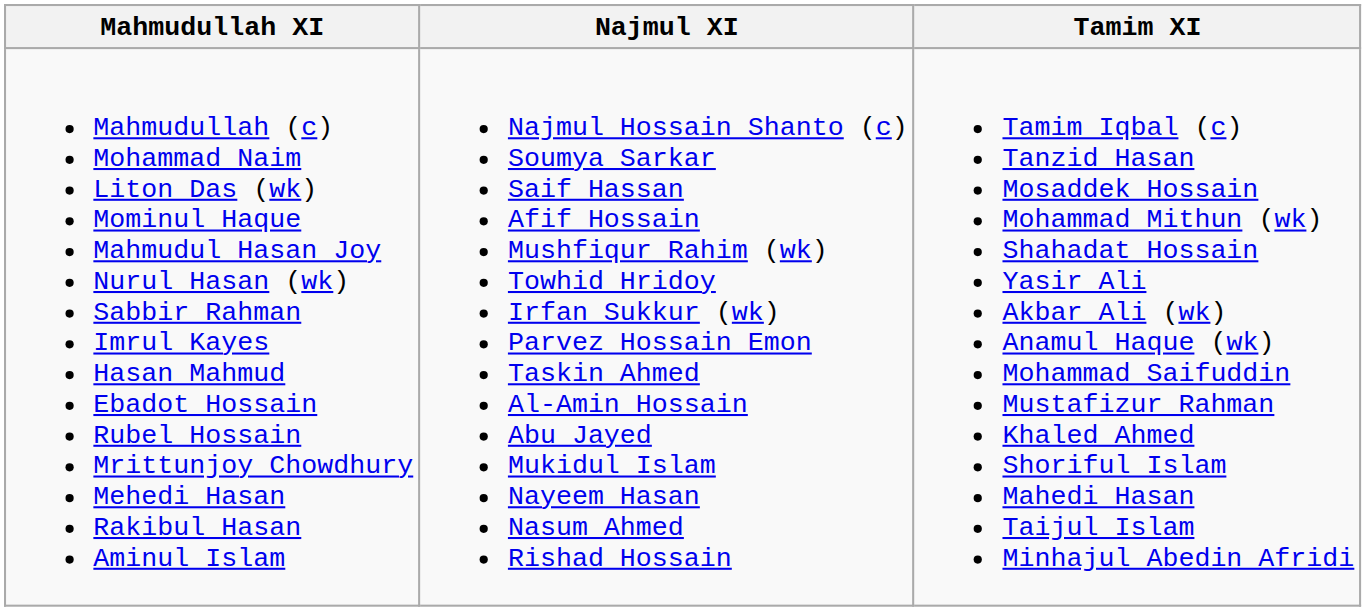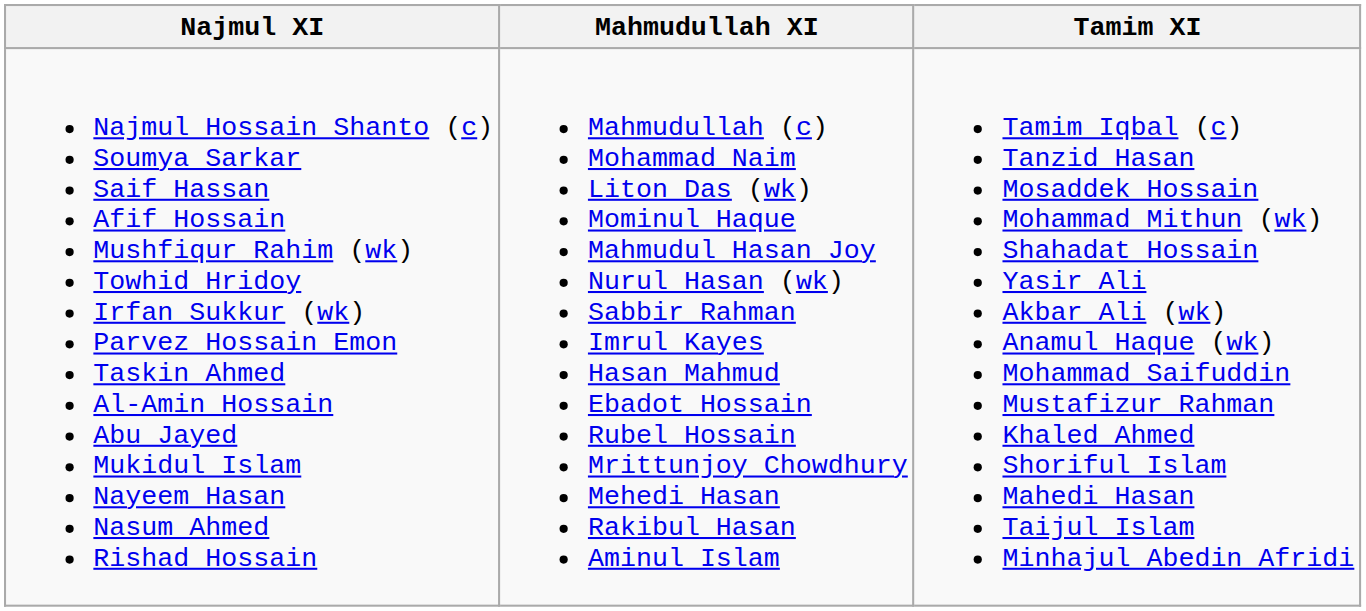 <table class="wikitable">
 <tr>
+<th>Najmul XI</th>
 <th>Mahmudullah XI</th>
-<th>Najmul XI</th>
 <th>Tamim XI</th>
 </tr>
 <tr style="vertical-align:top">
+<td><br><ul><li><a href='#'>Najmul Hossain Shanto</a> (<a href='#'>c</a>)</li><li><a href='#'>Soumya Sarkar</a></li><li><a href='#'>Saif Hassan</a></li><li><a href='#'>Afif Hossain</a></li><li><a href='#'>Mushfiqur Rahim</a> (<a href='#'>wk</a>)</li><li><a href='#'>Towhid Hridoy</a></li><li><a href='#'>Irfan Sukkur</a> (<a href='#'>wk</a>)</li><li><a href='#'>Parvez Hossain Emon</a></li><li><a href='#'>Taskin Ahmed</a></li><li><a href='#'>Al-Amin Hossain</a></li><li><a href='#'>Abu Jayed</a></li><li><a href='#'>Mukidul Islam</a></li><li><a href='#'>Nayeem Hasan</a></li><li><a href='#'>Nasum Ahmed</a></li><li><a href='#'>Rishad Hossain</a></li></ul></td>
 <td><br><ul><li><a href='#'>Mahmudullah</a> (<a href='#'>c</a>)</li><li><a href='#'>Mohammad Naim</a></li><li><a href='#'>Liton Das</a> (<a href='#'>wk</a>)</li><li><a href='#'>Mominul Haque</a></li><li><a href='#'>Mahmudul Hasan Joy</a></li><li><a href='#'>Nurul Hasan</a> (<a href='#'>wk</a>)</li><li><a href='#'>Sabbir Rahman</a></li><li><a href='#'>Imrul Kayes</a></li><li><a href='#'>Hasan Mahmud</a></li><li><a href='#'>Ebadot Hossain</a></li><li><a href='#'>Rubel Hossain</a></li><li><a href='#'>Mrittunjoy Chowdhury</a></li><li><a href='#'>Mehedi Hasan</a></li><li><a href='#'>Rakibul Hasan</a></li><li><a href='#'>Aminul Islam</a></li></ul></td>
-<td><br><ul><li><a href='#'>Najmul Hossain Shanto</a> (<a href='#'>c</a>)</li><li><a href='#'>Soumya Sarkar</a></li><li><a href='#'>Saif Hassan</a></li><li><a href='#'>Afif Hossain</a></li><li><a href='#'>Mushfiqur Rahim</a> (<a href='#'>wk</a>)</li><li><a href='#'>Towhid Hridoy</a></li><li><a href='#'>Irfan Sukkur</a> (<a href='#'>wk</a>)</li><li><a href='#'>Parvez Hossain Emon</a></li><li><a href='#'>Taskin Ahmed</a></li><li><a href='#'>Al-Amin Hossain</a></li><li><a href='#'>Abu Jayed</a></li><li><a href='#'>Mukidul Islam</a></li><li><a href='#'>Nayeem Hasan</a></li><li><a href='#'>Nasum Ahmed</a></li><li><a href='#'>Rishad Hossain</a></li></ul></td>
 <td><br><ul><li><a href='#'>Tamim Iqbal</a> (<a href='#'>c</a>)</li><li><a href='#'>Tanzid Hasan</a></li><li><a href='#'>Mosaddek Hossain</a></li><li><a href='#'>Mohammad Mithun</a> (<a href='#'>wk</a>)</li><li><a href='#'>Shahadat Hossain</a></li><li><a href='#'>Yasir Ali</a></li><li><a href='#'>Akbar Ali</a> (<a href='#'>wk</a>)</li><li><a href='#'>Anamul Haque</a> (<a href='#'>wk</a>)</li><li><a href='#'>Mohammad Saifuddin</a></li><li><a href='#'>Mustafizur Rahman</a></li><li><a href='#'>Khaled Ahmed</a></li><li><a href='#'>Shoriful Islam</a></li><li><a href='#'>Mahedi Hasan</a></li><li><a href='#'>Taijul Islam</a></li><li><a href='#'>Minhajul Abedin Afridi</a></li></ul></td>
 </tr>
 </table>
